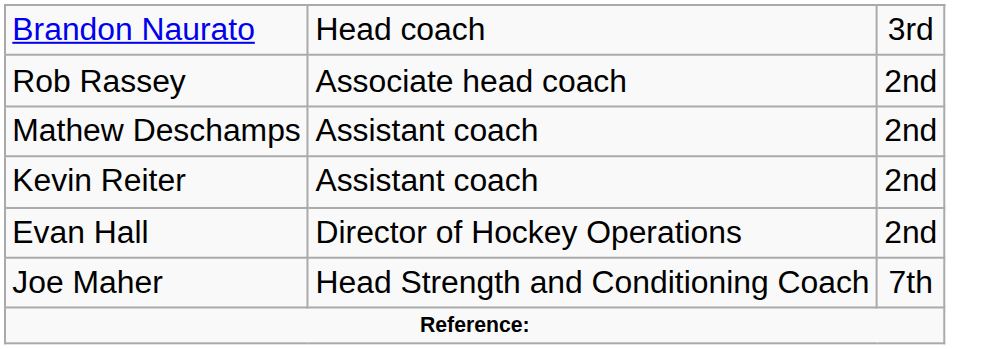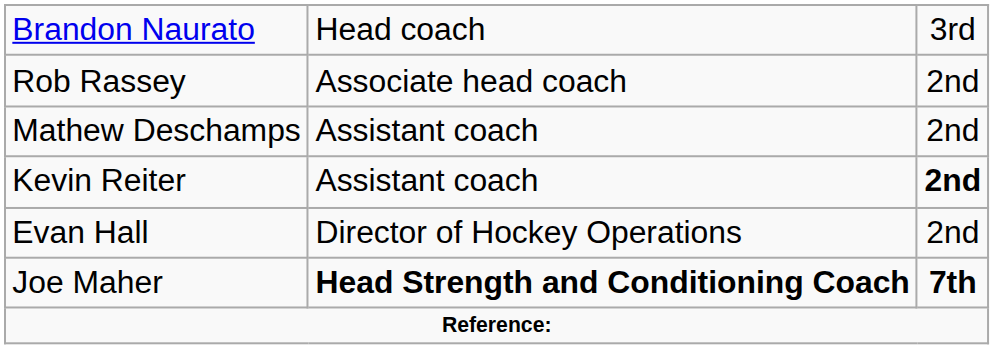 <table class="wikitable">
 <tr>
 </tr>
 <tr>
 <td><a href='#'>Brandon Naurato</a></td>
 <td>Head coach</td>
 <td align=center>3rd</td>
 </tr>
 <tr>
 <td>Rob Rassey</td>
 <td>Associate head coach</td>
 <td align=center>2nd</td>
 </tr>
 <tr>
 <td>Mathew Deschamps</td>
 <td>Assistant coach</td>
 <td align=center>2nd</td>
 </tr>
 <tr>
 <td>Kevin Reiter</td>
 <td>Assistant coach</td>
-<td align=center>2nd</td>
+<td align=center><strong>2nd</strong></td>
 </tr>
 <tr>
 <td>Evan Hall</td>
 <td>Director of Hockey Operations</td>
 <td align=center>2nd</td>
 </tr>
 <tr>
 <td>Joe Maher</td>
-<td>Head Strength and Conditioning Coach</td>
-<td align=center>7th</td>
+<td><strong>Head Strength and Conditioning Coach</strong></td>
+<td align=center><strong>7th</strong></td>
 </tr>
 <tr>
 <td colspan="4"  style="font-size:8pt; text-align:center;"><strong>Reference:</strong></td>
 </tr>
 </table>
